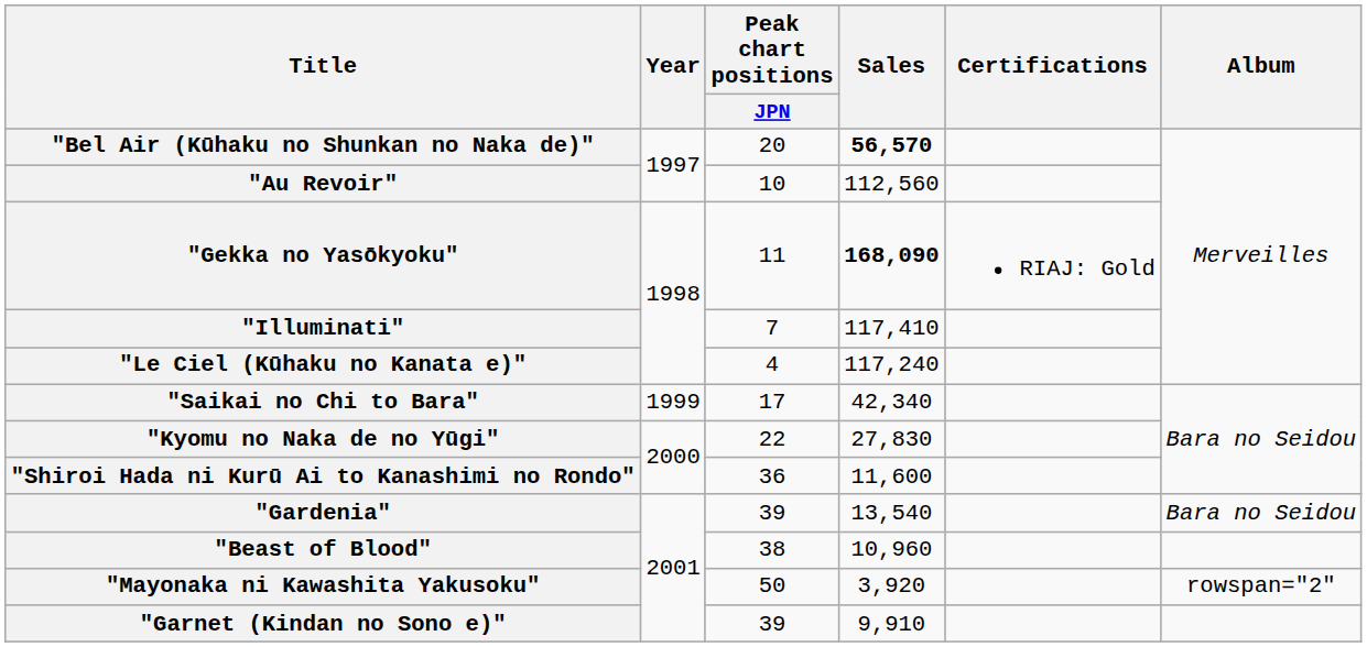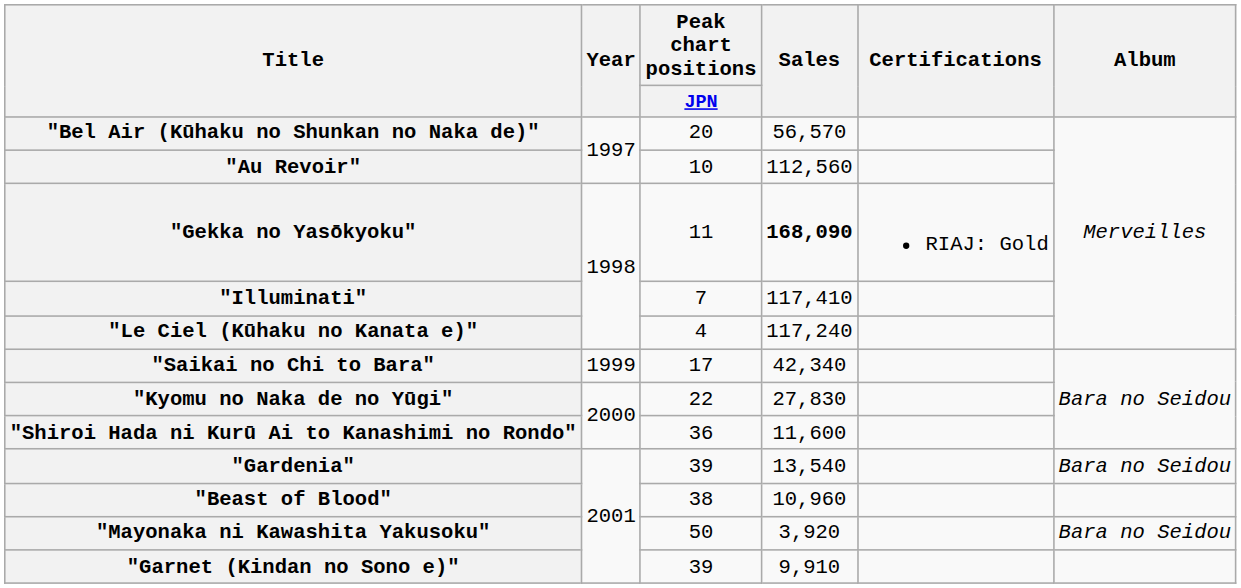 <table class="wikitable plainrowheaders" style="text-align:center">
 <tr>
 <th scope="col" rowspan="2">Title</th>
 <th scope="col" rowspan="2">Year</th>
 <th scope="col" colspan="1">Peak chart positions</th>
 <th scope="col" rowspan="2">Sales</th>
 <th scope="col" rowspan="2">Certifications</th>
 <th scope="col" rowspan="2">Album</th>
 </tr>
 <tr>
 <th scope="col" style="width:3em;font-size:90%"><a href='#'>JPN</a><br></th>
 </tr>
 <tr>
 <th scope="row">"Bel Air (Kūhaku no Shunkan no Naka de)"</th>
 <td rowspan="2">1997</td>
 <td>20</td>
-<td><strong>56,570</strong></td>
+<td>56,570</td>
 <td></td>
 <td rowspan="5"><em>Merveilles</em></td>
 </tr>
 <tr>
 <th scope="row">"Au Revoir"</th>
 <td>10</td>
 <td>112,560</td>
 <td></td>
 </tr>
 <tr>
 <th scope="row">"Gekka no Yasōkyoku"</th>
 <td rowspan="3">1998</td>
 <td>11</td>
 <td><strong>168,090</strong></td>
 <td><br><ul><li>RIAJ: Gold</li></ul></td>
 </tr>
 <tr>
 <th scope="row">"Illuminati"</th>
 <td>7</td>
 <td>117,410</td>
 <td></td>
 </tr>
 <tr>
 <th scope="row">"Le Ciel (Kūhaku no Kanata e)"</th>
 <td>4</td>
 <td>117,240</td>
 <td></td>
 </tr>
 <tr>
 <th scope="row">"Saikai no Chi to Bara"</th>
 <td rowspan="1">1999</td>
 <td>17</td>
 <td>42,340</td>
 <td></td>
 <td rowspan="3"><em>Bara no Seidou</em></td>
 </tr>
 <tr>
 <th scope="row">"Kyomu no Naka de no Yūgi"</th>
 <td rowspan="2">2000</td>
 <td>22</td>
 <td>27,830</td>
 <td></td>
 </tr>
 <tr>
 <th scope="row">"Shiroi Hada ni Kurū Ai to Kanashimi no Rondo"</th>
 <td>36</td>
 <td>11,600</td>
 <td></td>
 </tr>
 <tr>
 <th scope="row">"Gardenia"</th>
 <td rowspan="4">2001</td>
 <td>39</td>
 <td>13,540</td>
 <td></td>
 <td><em>Bara no Seidou</em></td>
 </tr>
 <tr>
 <th scope="row">"Beast of Blood"</th>
 <td>38</td>
 <td>10,960</td>
 <td></td>
 </tr>
 <tr>
 <th scope="row">"Mayonaka ni Kawashita Yakusoku"</th>
 <td>50</td>
 <td>3,920</td>
 <td></td>
-<td>rowspan="2" </td>
+<td><em>Bara no Seidou</em></td>
 </tr>
 <tr>
 <th scope="row">"Garnet (Kindan no Sono e)"</th>
 <td>39</td>
 <td>9,910</td>
 <td></td>
 <td></td>
 </tr>
 </table>
